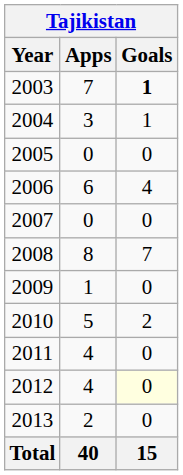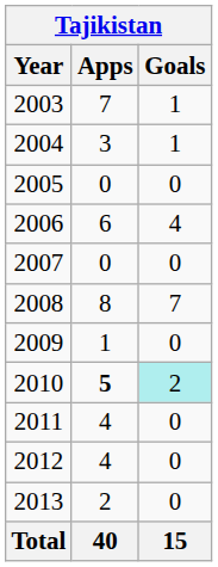 <table class="wikitable" style="text-align:center">
 <tr>
 <th colspan=3><a href='#'>Tajikistan</a></th>
 </tr>
 <tr>
 <th>Year</th>
 <th>Apps</th>
 <th>Goals</th>
 </tr>
 <tr>
 <td>2003</td>
 <td>7</td>
-<td><strong>1</strong></td>
+<td>1</td>
 </tr>
 <tr>
 <td>2004</td>
 <td>3</td>
 <td>1</td>
 </tr>
 <tr>
 <td>2005</td>
 <td>0</td>
 <td>0</td>
 </tr>
 <tr>
 <td>2006</td>
 <td>6</td>
 <td>4</td>
 </tr>
 <tr>
 <td>2007</td>
 <td>0</td>
 <td>0</td>
 </tr>
 <tr>
 <td>2008</td>
 <td>8</td>
 <td>7</td>
 </tr>
 <tr>
 <td>2009</td>
 <td>1</td>
 <td>0</td>
 </tr>
 <tr>
 <td>2010</td>
-<td>5</td>
-<td>2</td>
+<td><strong>5</strong></td>
+<td style="background: paleturquoise;">2</td>
 </tr>
 <tr>
 <td>2011</td>
 <td>4</td>
 <td>0</td>
 </tr>
 <tr>
 <td>2012</td>
 <td>4</td>
-<td style="background: lightyellow;">0</td>
+<td>0</td>
 </tr>
 <tr>
 <td>2013</td>
 <td>2</td>
 <td>0</td>
 </tr>
 <tr>
 <th>Total</th>
 <th>40</th>
 <th>15</th>
 </tr>
 </table>
